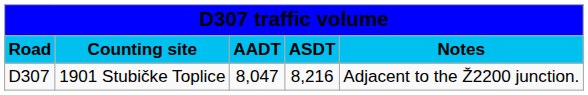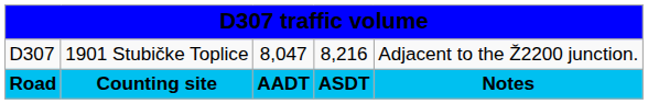 <table class="wikitable">
 <tr>
 <td colspan=5 bgcolor=blue align=center style=margin-top:15><span><big><strong>D307 traffic volume</strong></big></span></td>
+</tr>
+<tr>
+<td> D307</td>
+<td>1901 Stubičke Toplice</td>
+<td align=center>8,047</td>
+<td align=center>8,216</td>
+<td>Adjacent to the Ž2200 junction.</td>
 </tr>
 <tr>
 <td align=center bgcolor=00c0f0><strong>Road</strong></td>
 <td align=center bgcolor=00c0f0><strong>Counting site</strong></td>
 <td align=center bgcolor=00c0f0><strong>AADT</strong></td>
 <td align=center bgcolor=00c0f0><strong>ASDT</strong></td>
 <td align=center bgcolor=00c0f0><strong>Notes</strong></td>
 </tr>
-<tr>
-<td> D307</td>
-<td>1901 Stubičke Toplice</td>
-<td align=center>8,047</td>
-<td align=center>8,216</td>
-<td>Adjacent to the Ž2200 junction.</td>
-</tr>
 </table>
